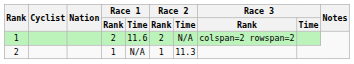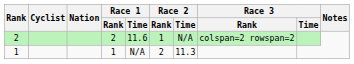 <table class="wikitable sortable" style="text-align:center">
 <tr>
 <th rowspan=2>Rank</th>
 <th rowspan=2>Cyclist</th>
 <th rowspan=2>Nation</th>
 <th colspan=2>Race 1</th>
 <th colspan=2>Race 2</th>
 <th colspan=2>Race 3</th>
 <th rowspan=2>Notes</th>
 </tr>
 <tr>
 <th>Rank</th>
 <th>Time</th>
 <th>Rank</th>
 <th>Time</th>
 <th>Rank</th>
 <th>Time</th>
 </tr>
 <tr bgcolor=bbf3bb>
-<td>1</td>
+<td>2</td>
 <td align=left></td>
 <td align=left></td>
 <td>2</td>
 <td>11.6</td>
-<td>2</td>
+<td>1</td>
 <td>N/A</td>
 <td>colspan=2 rowspan=2 </td>
 <td></td>
 </tr>
 <tr>
-<td>2</td>
+<td>1</td>
 <td align=left></td>
 <td align=left></td>
 <td>1</td>
 <td>N/A</td>
-<td>1</td>
+<td>2</td>
 <td>11.3</td>
 <td></td>
 </tr>
 </table>
